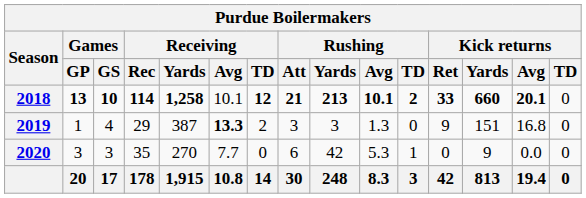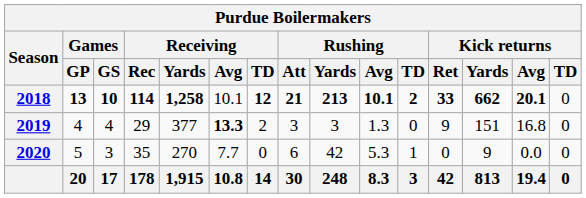 <table class=wikitable style="text-align:center;">
 <tr>
 <th colspan="15">Purdue Boilermakers</th>
 </tr>
 <tr>
 <th rowspan="2">Season</th>
 <th colspan="2">Games</th>
 <th colspan="4">Receiving</th>
 <th colspan="4">Rushing</th>
 <th colspan="4">Kick returns</th>
 </tr>
 <tr>
 <th>GP</th>
 <th>GS</th>
 <th>Rec</th>
 <th>Yards</th>
 <th>Avg</th>
 <th>TD</th>
 <th>Att</th>
 <th>Yards</th>
 <th>Avg</th>
 <th>TD</th>
 <th>Ret</th>
 <th>Yards</th>
 <th>Avg</th>
 <th>TD</th>
 </tr>
 <tr>
 <th><a href='#'>2018</a></th>
 <td><strong>13</strong></td>
 <td><strong>10</strong></td>
 <td><strong>114</strong></td>
 <td><strong>1,258</strong></td>
 <td>10.1</td>
 <td><strong>12</strong></td>
 <td><strong>21</strong></td>
 <td><strong>213</strong></td>
 <td><strong>10.1</strong></td>
 <td><strong>2</strong></td>
 <td><strong>33</strong></td>
-<td><strong>660</strong></td>
+<td><strong>662</strong></td>
 <td><strong>20.1</strong></td>
 <td>0</td>
 </tr>
 <tr>
 <th><a href='#'>2019</a></th>
-<td>1</td>
+<td>4</td>
 <td>4</td>
 <td>29</td>
-<td>387</td>
+<td>377</td>
 <td><strong>13.3</strong></td>
 <td>2</td>
 <td>3</td>
 <td>3</td>
 <td>1.3</td>
 <td>0</td>
 <td>9</td>
 <td>151</td>
 <td>16.8</td>
 <td>0</td>
 </tr>
 <tr>
 <th><a href='#'>2020</a></th>
-<td>3</td>
+<td>5</td>
 <td>3</td>
 <td>35</td>
 <td>270</td>
 <td>7.7</td>
 <td>0</td>
 <td>6</td>
 <td>42</td>
 <td>5.3</td>
 <td>1</td>
 <td>0</td>
 <td>9</td>
 <td>0.0</td>
 <td>0</td>
 </tr>
 <tr>
 <th></th>
 <th>20</th>
 <th>17</th>
 <th>178</th>
 <th>1,915</th>
 <th>10.8</th>
 <th>14</th>
 <th>30</th>
 <th>248</th>
 <th>8.3</th>
 <th>3</th>
 <th>42</th>
 <th>813</th>
 <th>19.4</th>
 <th>0</th>
 </tr>
 </table>
